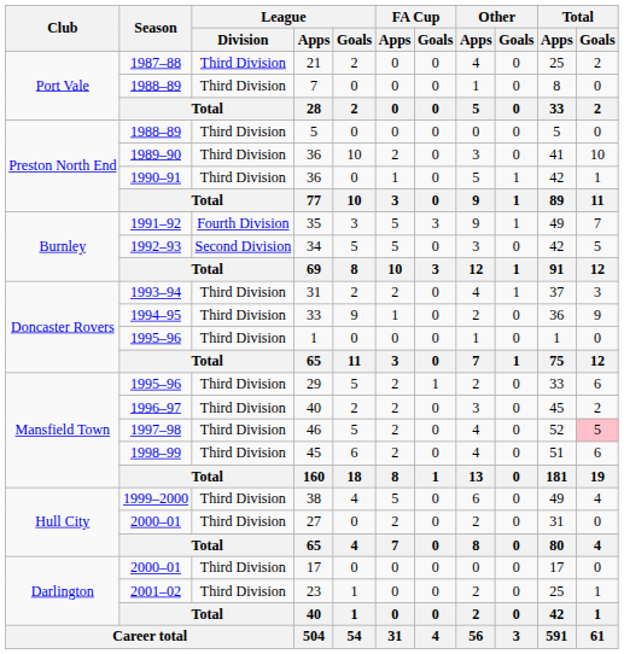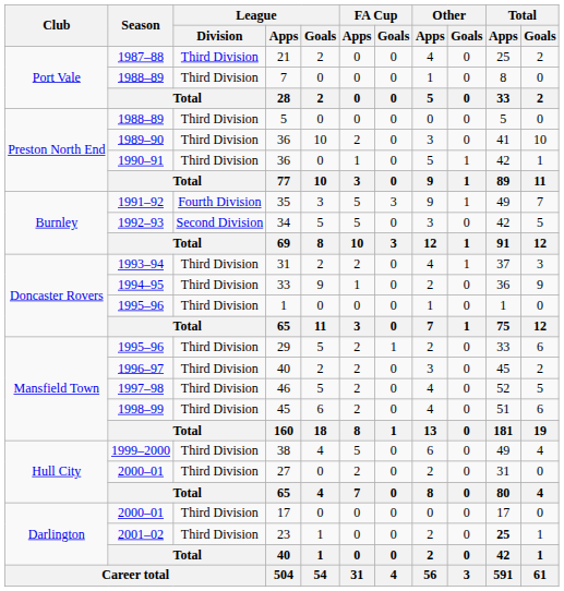 <table class="wikitable" style="text-align: center;">
 <tr>
 <th rowspan="2">Club</th>
 <th rowspan="2">Season</th>
 <th colspan="3">League</th>
 <th colspan="2">FA Cup</th>
 <th colspan="2">Other</th>
 <th colspan="2">Total</th>
 </tr>
 <tr>
 <th>Division</th>
 <th>Apps</th>
 <th>Goals</th>
 <th>Apps</th>
 <th>Goals</th>
 <th>Apps</th>
 <th>Goals</th>
 <th>Apps</th>
 <th>Goals</th>
 </tr>
 <tr>
 <td rowspan="3"><a href='#'>Port Vale</a></td>
 <td><a href='#'>1987–88</a></td>
 <td><a href='#'>Third Division</a></td>
 <td>21</td>
 <td>2</td>
 <td>0</td>
 <td>0</td>
 <td>4</td>
 <td>0</td>
 <td>25</td>
 <td>2</td>
 </tr>
 <tr>
 <td><a href='#'>1988–89</a></td>
 <td>Third Division</td>
 <td>7</td>
 <td>0</td>
 <td>0</td>
 <td>0</td>
 <td>1</td>
 <td>0</td>
 <td>8</td>
 <td>0</td>
 </tr>
 <tr>
 <th colspan="2">Total</th>
 <th>28</th>
 <th>2</th>
 <th>0</th>
 <th>0</th>
 <th>5</th>
 <th>0</th>
 <th>33</th>
 <th>2</th>
 </tr>
 <tr>
 <td rowspan="4"><a href='#'>Preston North End</a></td>
 <td><a href='#'>1988–89</a></td>
 <td>Third Division</td>
 <td>5</td>
 <td>0</td>
 <td>0</td>
 <td>0</td>
 <td>0</td>
 <td>0</td>
 <td>5</td>
 <td>0</td>
 </tr>
 <tr>
 <td><a href='#'>1989–90</a></td>
 <td>Third Division</td>
 <td>36</td>
 <td>10</td>
 <td>2</td>
 <td>0</td>
 <td>3</td>
 <td>0</td>
 <td>41</td>
 <td>10</td>
 </tr>
 <tr>
 <td><a href='#'>1990–91</a></td>
 <td>Third Division</td>
 <td>36</td>
 <td>0</td>
 <td>1</td>
 <td>0</td>
 <td>5</td>
 <td>1</td>
 <td>42</td>
 <td>1</td>
 </tr>
 <tr>
 <th colspan="2">Total</th>
 <th>77</th>
 <th>10</th>
 <th>3</th>
 <th>0</th>
 <th>9</th>
 <th>1</th>
 <th>89</th>
 <th>11</th>
 </tr>
 <tr>
 <td rowspan="3"><a href='#'>Burnley</a></td>
 <td><a href='#'>1991–92</a></td>
 <td><a href='#'>Fourth Division</a></td>
 <td>35</td>
 <td>3</td>
 <td>5</td>
 <td>3</td>
 <td>9</td>
 <td>1</td>
 <td>49</td>
 <td>7</td>
 </tr>
 <tr>
 <td><a href='#'>1992–93</a></td>
 <td><a href='#'>Second Division</a></td>
 <td>34</td>
 <td>5</td>
 <td>5</td>
 <td>0</td>
 <td>3</td>
 <td>0</td>
 <td>42</td>
 <td>5</td>
 </tr>
 <tr>
 <th colspan="2">Total</th>
 <th>69</th>
 <th>8</th>
 <th>10</th>
 <th>3</th>
 <th>12</th>
 <th>1</th>
 <th>91</th>
 <th>12</th>
 </tr>
 <tr>
 <td rowspan="4"><a href='#'>Doncaster Rovers</a></td>
 <td><a href='#'>1993–94</a></td>
 <td>Third Division</td>
 <td>31</td>
 <td>2</td>
 <td>2</td>
 <td>0</td>
 <td>4</td>
 <td>1</td>
 <td>37</td>
 <td>3</td>
 </tr>
 <tr>
 <td><a href='#'>1994–95</a></td>
 <td>Third Division</td>
 <td>33</td>
 <td>9</td>
 <td>1</td>
 <td>0</td>
 <td>2</td>
 <td>0</td>
 <td>36</td>
 <td>9</td>
 </tr>
 <tr>
 <td><a href='#'>1995–96</a></td>
 <td>Third Division</td>
 <td>1</td>
 <td>0</td>
 <td>0</td>
 <td>0</td>
 <td>1</td>
 <td>0</td>
 <td>1</td>
 <td>0</td>
 </tr>
 <tr>
 <th colspan="2">Total</th>
 <th>65</th>
 <th>11</th>
 <th>3</th>
 <th>0</th>
 <th>7</th>
 <th>1</th>
 <th>75</th>
 <th>12</th>
 </tr>
 <tr>
 <td rowspan="5"><a href='#'>Mansfield Town</a></td>
 <td><a href='#'>1995–96</a></td>
 <td>Third Division</td>
 <td>29</td>
 <td>5</td>
 <td>2</td>
 <td>1</td>
 <td>2</td>
 <td>0</td>
 <td>33</td>
 <td>6</td>
 </tr>
 <tr>
 <td><a href='#'>1996–97</a></td>
 <td>Third Division</td>
 <td>40</td>
 <td>2</td>
 <td>2</td>
 <td>0</td>
 <td>3</td>
 <td>0</td>
 <td>45</td>
 <td>2</td>
 </tr>
 <tr>
 <td><a href='#'>1997–98</a></td>
 <td>Third Division</td>
 <td>46</td>
 <td>5</td>
 <td>2</td>
 <td>0</td>
 <td>4</td>
 <td>0</td>
 <td>52</td>
-<td style="background: pink;">5</td>
+<td>5</td>
 </tr>
 <tr>
 <td><a href='#'>1998–99</a></td>
 <td>Third Division</td>
 <td>45</td>
 <td>6</td>
 <td>2</td>
 <td>0</td>
 <td>4</td>
 <td>0</td>
 <td>51</td>
 <td>6</td>
 </tr>
 <tr>
 <th colspan="2">Total</th>
 <th>160</th>
 <th>18</th>
 <th>8</th>
 <th>1</th>
 <th>13</th>
 <th>0</th>
 <th>181</th>
 <th>19</th>
 </tr>
 <tr>
 <td rowspan="3"><a href='#'>Hull City</a></td>
 <td><a href='#'>1999–2000</a></td>
 <td>Third Division</td>
 <td>38</td>
 <td>4</td>
 <td>5</td>
 <td>0</td>
 <td>6</td>
 <td>0</td>
 <td>49</td>
 <td>4</td>
 </tr>
 <tr>
 <td><a href='#'>2000–01</a></td>
 <td>Third Division</td>
 <td>27</td>
 <td>0</td>
 <td>2</td>
 <td>0</td>
 <td>2</td>
 <td>0</td>
 <td>31</td>
 <td>0</td>
 </tr>
 <tr>
 <th colspan="2">Total</th>
 <th>65</th>
 <th>4</th>
 <th>7</th>
 <th>0</th>
 <th>8</th>
 <th>0</th>
 <th>80</th>
 <th>4</th>
 </tr>
 <tr>
 <td rowspan="3"><a href='#'>Darlington</a></td>
 <td><a href='#'>2000–01</a></td>
 <td>Third Division</td>
 <td>17</td>
 <td>0</td>
 <td>0</td>
 <td>0</td>
 <td>0</td>
 <td>0</td>
 <td>17</td>
 <td>0</td>
 </tr>
 <tr>
 <td><a href='#'>2001–02</a></td>
 <td>Third Division</td>
 <td>23</td>
 <td>1</td>
 <td>0</td>
 <td>0</td>
 <td>2</td>
 <td>0</td>
-<td>25</td>
+<td><strong>25</strong></td>
 <td>1</td>
 </tr>
 <tr>
 <th colspan="2">Total</th>
 <th>40</th>
 <th>1</th>
 <th>0</th>
 <th>0</th>
 <th>2</th>
 <th>0</th>
 <th>42</th>
 <th>1</th>
 </tr>
 <tr>
 <th colspan="3">Career total</th>
 <th>504</th>
 <th>54</th>
 <th>31</th>
 <th>4</th>
 <th>56</th>
 <th>3</th>
 <th>591</th>
 <th>61</th>
 </tr>
 </table>
